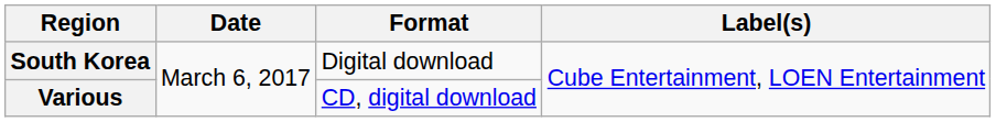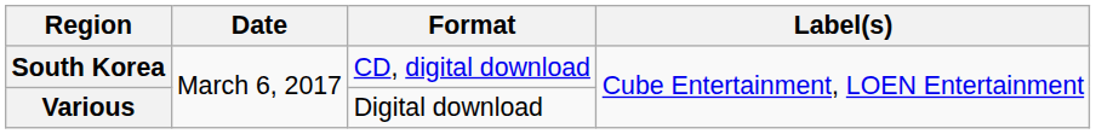 <table class="wikitable plainrowheaders">
 <tr>
 <th>Region</th>
 <th>Date</th>
 <th>Format</th>
 <th>Label(s)</th>
 </tr>
 <tr>
 <th scope="row">South Korea</th>
 <td rowspan="2">March 6, 2017</td>
-<td>Digital download</td>
+<td><a href='#'>CD</a>, <a href='#'>digital download</a></td>
 <td rowspan="2"><a href='#'>Cube Entertainment</a>, <a href='#'>LOEN Entertainment</a></td>
 </tr>
 <tr>
 <th scope="row">Various</th>
-<td><a href='#'>CD</a>, <a href='#'>digital download</a></td>
+<td>Digital download</td>
 </tr>
 </table>
